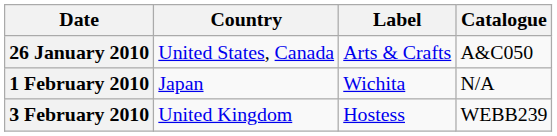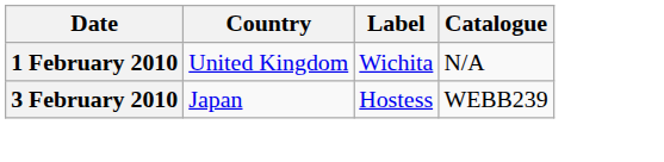 <table class="wikitable plainrowheaders">
 <tr>
 <th>Date</th>
 <th>Country</th>
 <th>Label</th>
 <th>Catalogue</th>
 </tr>
 <tr>
-<th scope="row">26 January 2010</th>
-<td><a href='#'>United States</a>, <a href='#'>Canada</a></td>
-<td><a href='#'>Arts & Crafts</a></td>
-<td>A&C050</td>
-</tr>
-<tr>
 <th scope="row">1 February 2010</th>
-<td><a href='#'>Japan</a></td>
+<td><a href='#'>United Kingdom</a></td>
 <td><a href='#'>Wichita</a></td>
 <td>N/A</td>
 </tr>
 <tr>
 <th scope="row">3 February 2010</th>
-<td><a href='#'>United Kingdom</a></td>
+<td><a href='#'>Japan</a></td>
 <td><a href='#'>Hostess</a></td>
 <td>WEBB239</td>
 </tr>
 </table>
